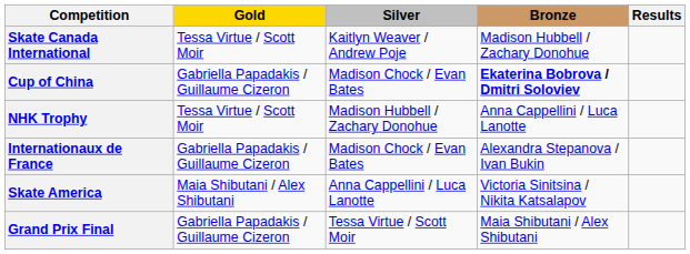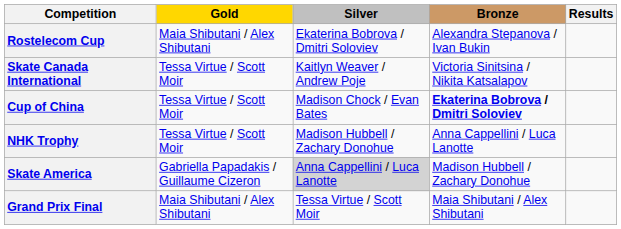 <table class="wikitable unsortable" style="text-align:left; width:90%">
 <tr>
 <th scope="col" style="text-align:center; width:25%;">Competition</th>
 <td scope="col" style="text-align:center; width:22.5%; background:gold"><strong>Gold</strong></td>
 <td scope="col" style="text-align:center; width:22.5%; background:silver"><strong>Silver</strong></td>
 <td scope="col" style="text-align:center; width:22.5%; background:#c96"><strong>Bronze</strong></td>
 <th scope="col" style="text-align:center; width:7.5%;">Results</th>
 </tr>
 <tr>
+<th scope="row" style="text-align:left"> <a href='#'>Rostelecom Cup</a></th>
+<td> <a href='#'>Maia Shibutani</a> / <a href='#'>Alex Shibutani</a></td>
+<td> <a href='#'>Ekaterina Bobrova</a> / <a href='#'>Dmitri Soloviev</a></td>
+<td> <a href='#'>Alexandra Stepanova</a> / <a href='#'>Ivan Bukin</a></td>
+<td></td>
+</tr>
+<tr>
 <th scope="row" style="text-align:left"> <a href='#'>Skate Canada International</a></th>
 <td> <a href='#'>Tessa Virtue</a> / <a href='#'>Scott Moir</a></td>
 <td> <a href='#'>Kaitlyn Weaver</a> / <a href='#'>Andrew Poje</a></td>
-<td> <a href='#'>Madison Hubbell</a> / <a href='#'>Zachary Donohue</a></td>
+<td> <a href='#'>Victoria Sinitsina</a> / <a href='#'>Nikita Katsalapov</a></td>
 <td></td>
 </tr>
 <tr>
 <th scope="row" style="text-align:left"> <a href='#'>Cup of China</a></th>
-<td> <a href='#'>Gabriella Papadakis</a> / <a href='#'>Guillaume Cizeron</a></td>
+<td> <a href='#'>Tessa Virtue</a> / <a href='#'>Scott Moir</a></td>
 <td> <a href='#'>Madison Chock</a> / <a href='#'>Evan Bates</a></td>
 <td><strong> <a href='#'>Ekaterina Bobrova</a> / <a href='#'>Dmitri Soloviev</a></strong></td>
 <td></td>
 </tr>
 <tr>
 <th scope="row" style="text-align:left"> <a href='#'>NHK Trophy</a></th>
 <td> <a href='#'>Tessa Virtue</a> / <a href='#'>Scott Moir</a></td>
 <td> <a href='#'>Madison Hubbell</a> / <a href='#'>Zachary Donohue</a></td>
 <td> <a href='#'>Anna Cappellini</a> / <a href='#'>Luca Lanotte</a></td>
 <td></td>
 </tr>
 <tr>
-<th scope="row" style="text-align:left"> <a href='#'>Internationaux de France</a></th>
+<th scope="row" style="text-align:left"> <a href='#'>Skate America</a></th>
 <td> <a href='#'>Gabriella Papadakis</a> / <a href='#'>Guillaume Cizeron</a></td>
-<td> <a href='#'>Madison Chock</a> / <a href='#'>Evan Bates</a></td>
-<td> <a href='#'>Alexandra Stepanova</a> / <a href='#'>Ivan Bukin</a></td>
-<td></td>
-</tr>
-<tr>
-<th scope="row" style="text-align:left"> <a href='#'>Skate America</a></th>
-<td> <a href='#'>Maia Shibutani</a> / <a href='#'>Alex Shibutani</a></td>
-<td> <a href='#'>Anna Cappellini</a> / <a href='#'>Luca Lanotte</a></td>
-<td> <a href='#'>Victoria Sinitsina</a> / <a href='#'>Nikita Katsalapov</a></td>
+<td style="background: lightgrey;"> <a href='#'>Anna Cappellini</a> / <a href='#'>Luca Lanotte</a></td>
+<td> <a href='#'>Madison Hubbell</a> / <a href='#'>Zachary Donohue</a></td>
 <td></td>
 </tr>
 <tr>
 <th scope="row" style="text-align:left"> <a href='#'>Grand Prix Final</a></th>
-<td> <a href='#'>Gabriella Papadakis</a> / <a href='#'>Guillaume Cizeron</a></td>
+<td> <a href='#'>Maia Shibutani</a> / <a href='#'>Alex Shibutani</a></td>
 <td> <a href='#'>Tessa Virtue</a> / <a href='#'>Scott Moir</a></td>
 <td> <a href='#'>Maia Shibutani</a> / <a href='#'>Alex Shibutani</a></td>
 <td></td>
 </tr>
 </table>
